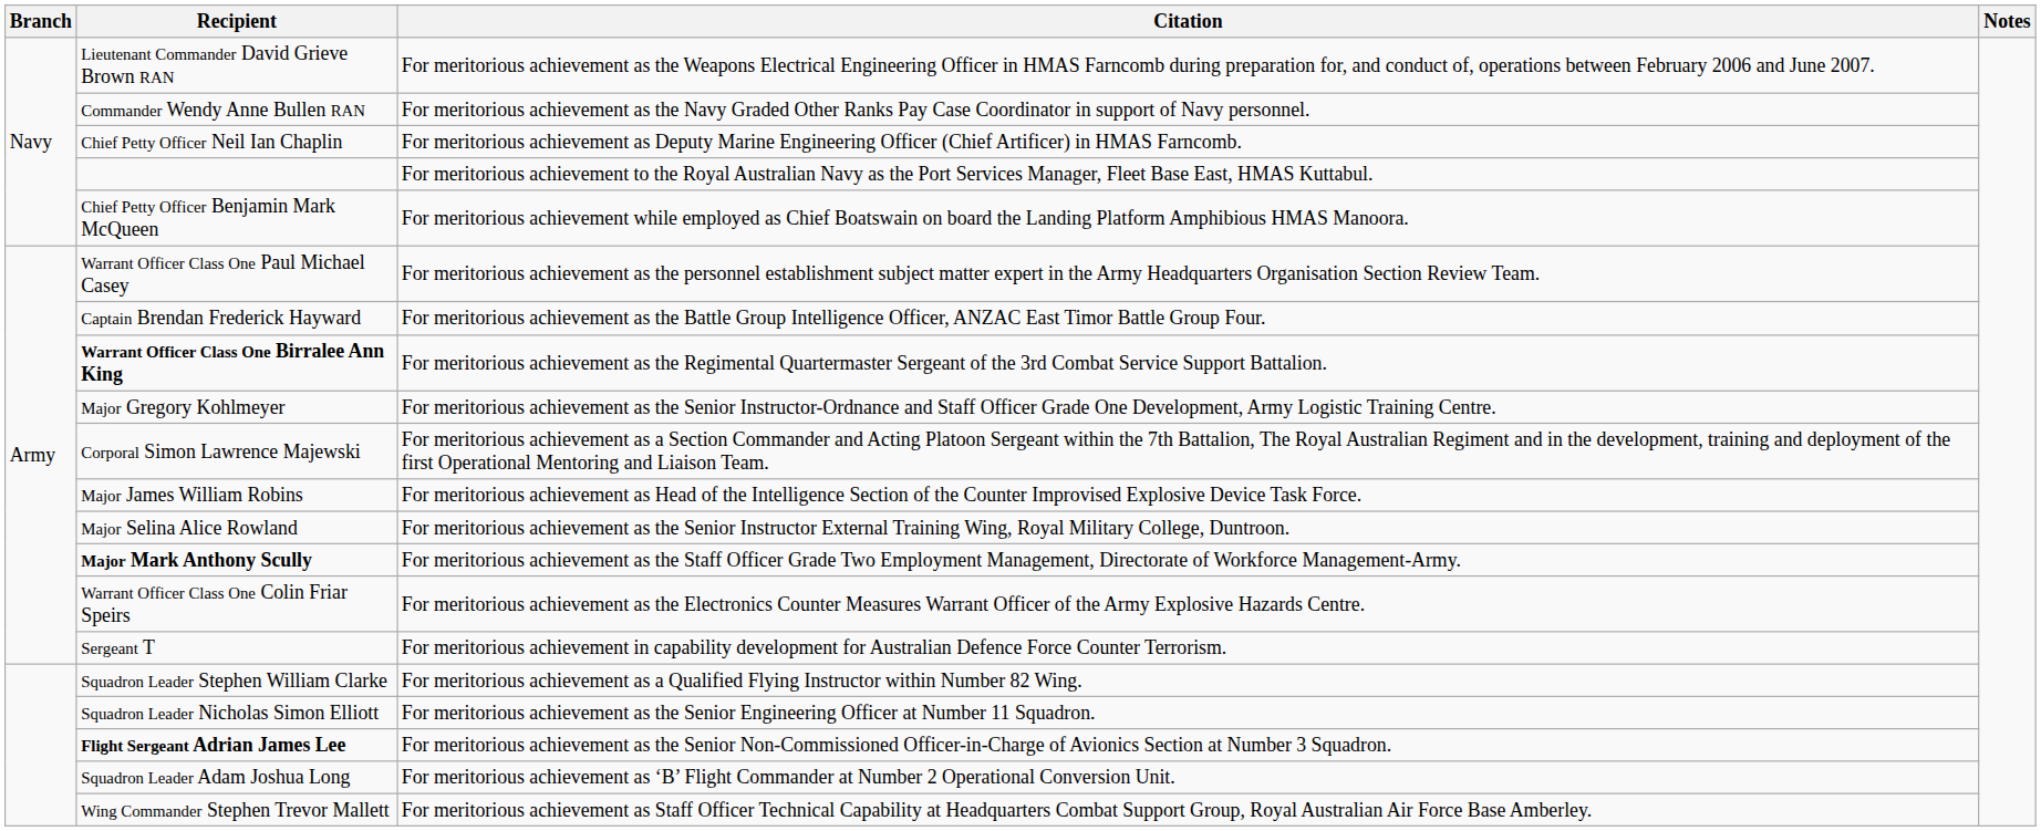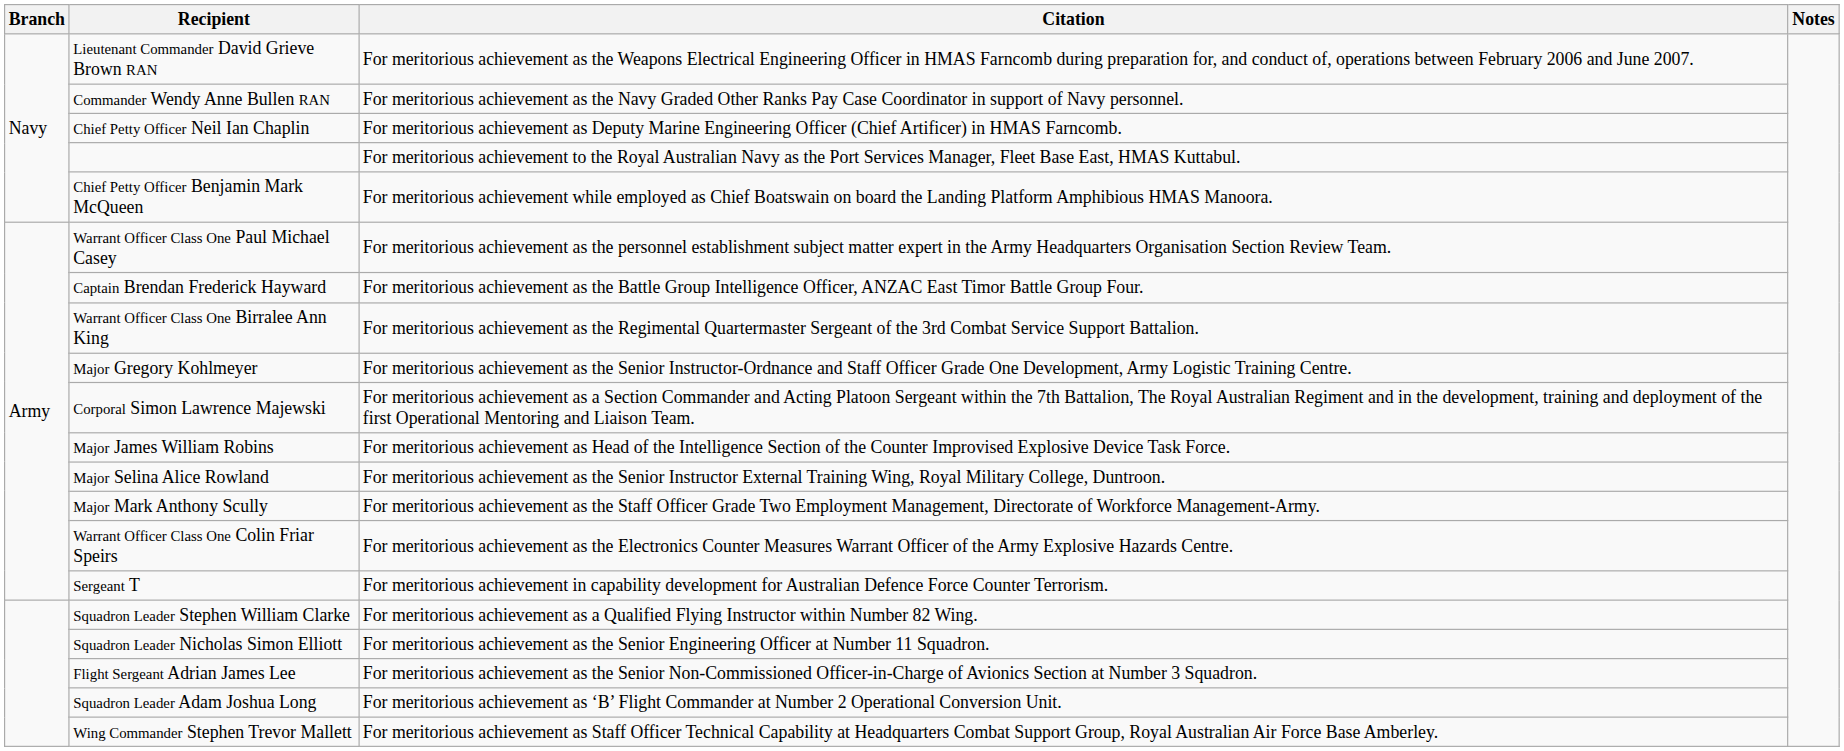 <table class="wikitable" style="font-size:95%;">
 <tr>
 <th>Branch</th>
 <th>Recipient</th>
 <th>Citation</th>
 <th>Notes</th>
 </tr>
 <tr>
 <td rowspan=5>Navy</td>
 <td><small>Lieutenant Commander</small> David Grieve Brown <small>RAN</small></td>
 <td>For meritorious achievement as the Weapons Electrical Engineering Officer in HMAS Farncomb during preparation for, and conduct of, operations between February 2006 and June 2007.</td>
 <td rowspan=20></td>
 </tr>
 <tr>
 <td><small>Commander</small> Wendy Anne Bullen <small>RAN</small></td>
 <td>For meritorious achievement as the Navy Graded Other Ranks Pay Case Coordinator in support of Navy personnel.</td>
 </tr>
 <tr>
 <td><small>Chief Petty Officer</small> Neil Ian Chaplin</td>
 <td>For meritorious achievement as Deputy Marine Engineering Officer (Chief Artificer) in HMAS Farncomb.</td>
 </tr>
 <tr>
 <td></td>
 <td>For meritorious achievement to the Royal Australian Navy as the Port Services Manager, Fleet Base East, HMAS Kuttabul.</td>
 </tr>
 <tr>
 <td><small>Chief Petty Officer</small> Benjamin Mark McQueen</td>
 <td>For meritorious achievement while employed as Chief Boatswain on board the Landing Platform Amphibious HMAS Manoora.</td>
 </tr>
 <tr>
 <td rowspan=10>Army</td>
 <td><small>Warrant Officer Class One</small> Paul Michael Casey</td>
 <td>For meritorious achievement as the personnel establishment subject matter expert in the Army Headquarters Organisation Section Review Team.</td>
 </tr>
 <tr>
 <td><small>Captain</small> Brendan Frederick Hayward</td>
 <td>For meritorious achievement as the Battle Group Intelligence Officer, ANZAC East Timor Battle Group Four.</td>
 </tr>
 <tr>
-<td><strong><small>Warrant Officer Class One</small> Birralee Ann King</strong></td>
+<td><small>Warrant Officer Class One</small> Birralee Ann King</td>
 <td>For meritorious achievement as the Regimental Quartermaster Sergeant of the 3rd Combat Service Support Battalion.</td>
 </tr>
 <tr>
 <td><small>Major</small> Gregory Kohlmeyer</td>
 <td>For meritorious achievement as the Senior Instructor-Ordnance and Staff Officer Grade One Development, Army Logistic Training Centre.</td>
 </tr>
 <tr>
 <td><small>Corporal</small> Simon Lawrence Majewski</td>
 <td>For meritorious achievement as a Section Commander and Acting Platoon Sergeant within the 7th Battalion, The Royal Australian Regiment and in the development, training and deployment of the first Operational Mentoring and Liaison Team.</td>
 </tr>
 <tr>
 <td><small>Major</small> James William Robins</td>
 <td>For meritorious achievement as Head of the Intelligence Section of the Counter Improvised Explosive Device Task Force.</td>
 </tr>
 <tr>
 <td><small>Major</small> Selina Alice Rowland</td>
 <td>For meritorious achievement as the Senior Instructor External Training Wing, Royal Military College, Duntroon.</td>
 </tr>
 <tr>
-<td><strong><small>Major</small> Mark Anthony Scully</strong></td>
+<td><small>Major</small> Mark Anthony Scully</td>
 <td>For meritorious achievement as the Staff Officer Grade Two Employment Management, Directorate of Workforce Management-Army.</td>
 </tr>
 <tr>
 <td><small>Warrant Officer Class One</small> Colin Friar Speirs</td>
 <td>For meritorious achievement as the Electronics Counter Measures Warrant Officer of the Army Explosive Hazards Centre.</td>
 </tr>
 <tr>
 <td><small>Sergeant</small> T</td>
 <td>For meritorious achievement in capability development for Australian Defence Force Counter Terrorism.</td>
 </tr>
 <tr>
 <td rowspan=5></td>
 <td><small>Squadron Leader</small> Stephen William Clarke</td>
 <td>For meritorious achievement as a Qualified Flying Instructor within Number 82 Wing.</td>
 </tr>
 <tr>
 <td><small>Squadron Leader</small> Nicholas Simon Elliott</td>
 <td>For meritorious achievement as the Senior Engineering Officer at Number 11 Squadron.</td>
 </tr>
 <tr>
-<td><strong><small>Flight Sergeant</small> Adrian James Lee</strong></td>
+<td><small>Flight Sergeant</small> Adrian James Lee</td>
 <td>For meritorious achievement as the Senior Non-Commissioned Officer-in-Charge of Avionics Section at Number 3 Squadron.</td>
 </tr>
 <tr>
 <td><small>Squadron Leader</small> Adam Joshua Long</td>
 <td>For meritorious achievement as ‘B’ Flight Commander at Number 2 Operational Conversion Unit.</td>
 </tr>
 <tr>
 <td><small>Wing Commander</small> Stephen Trevor Mallett</td>
 <td>For meritorious achievement as Staff Officer Technical Capability at Headquarters Combat Support Group, Royal Australian Air Force Base Amberley.</td>
 </tr>
 </table>
